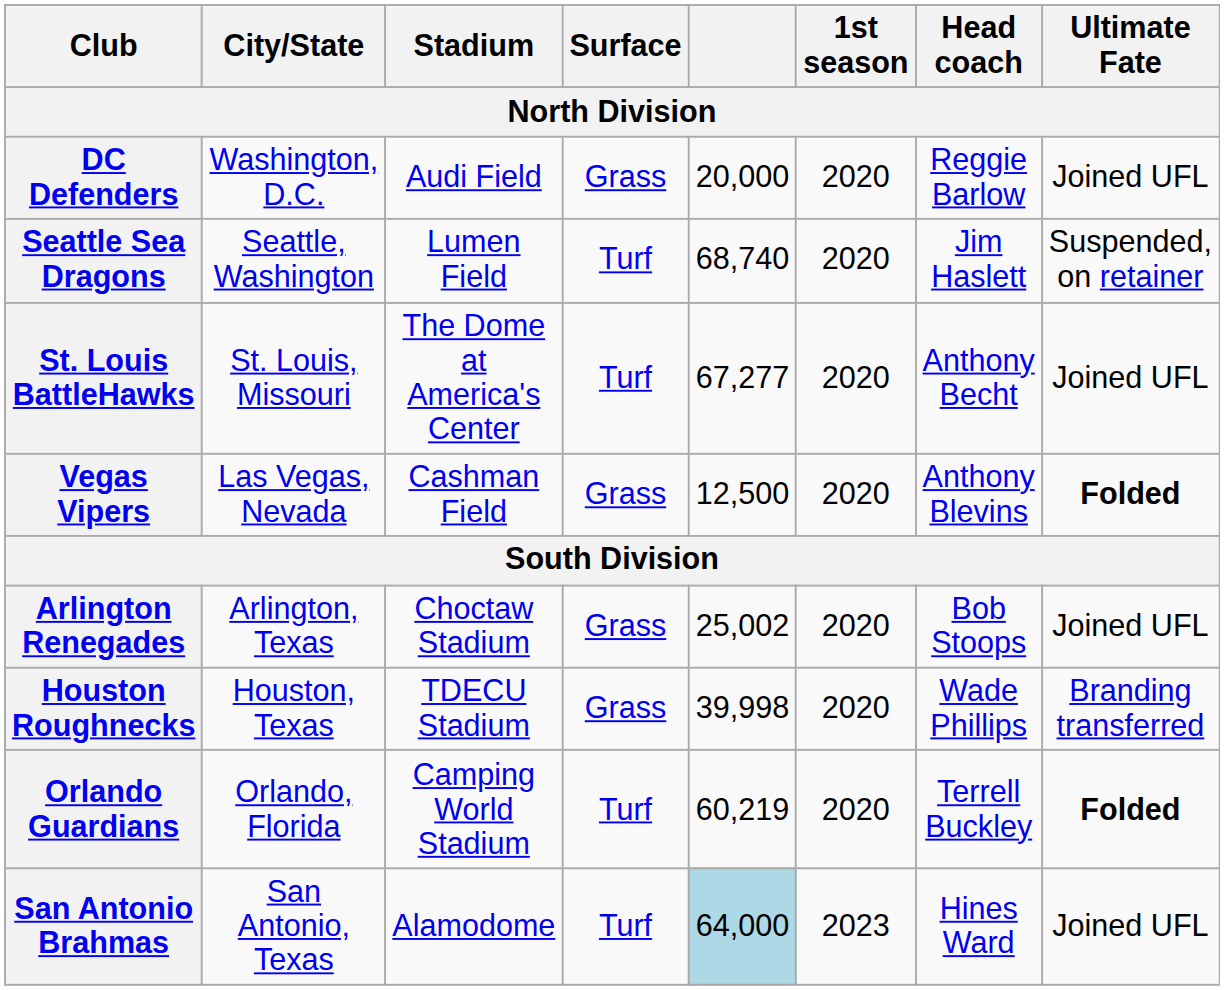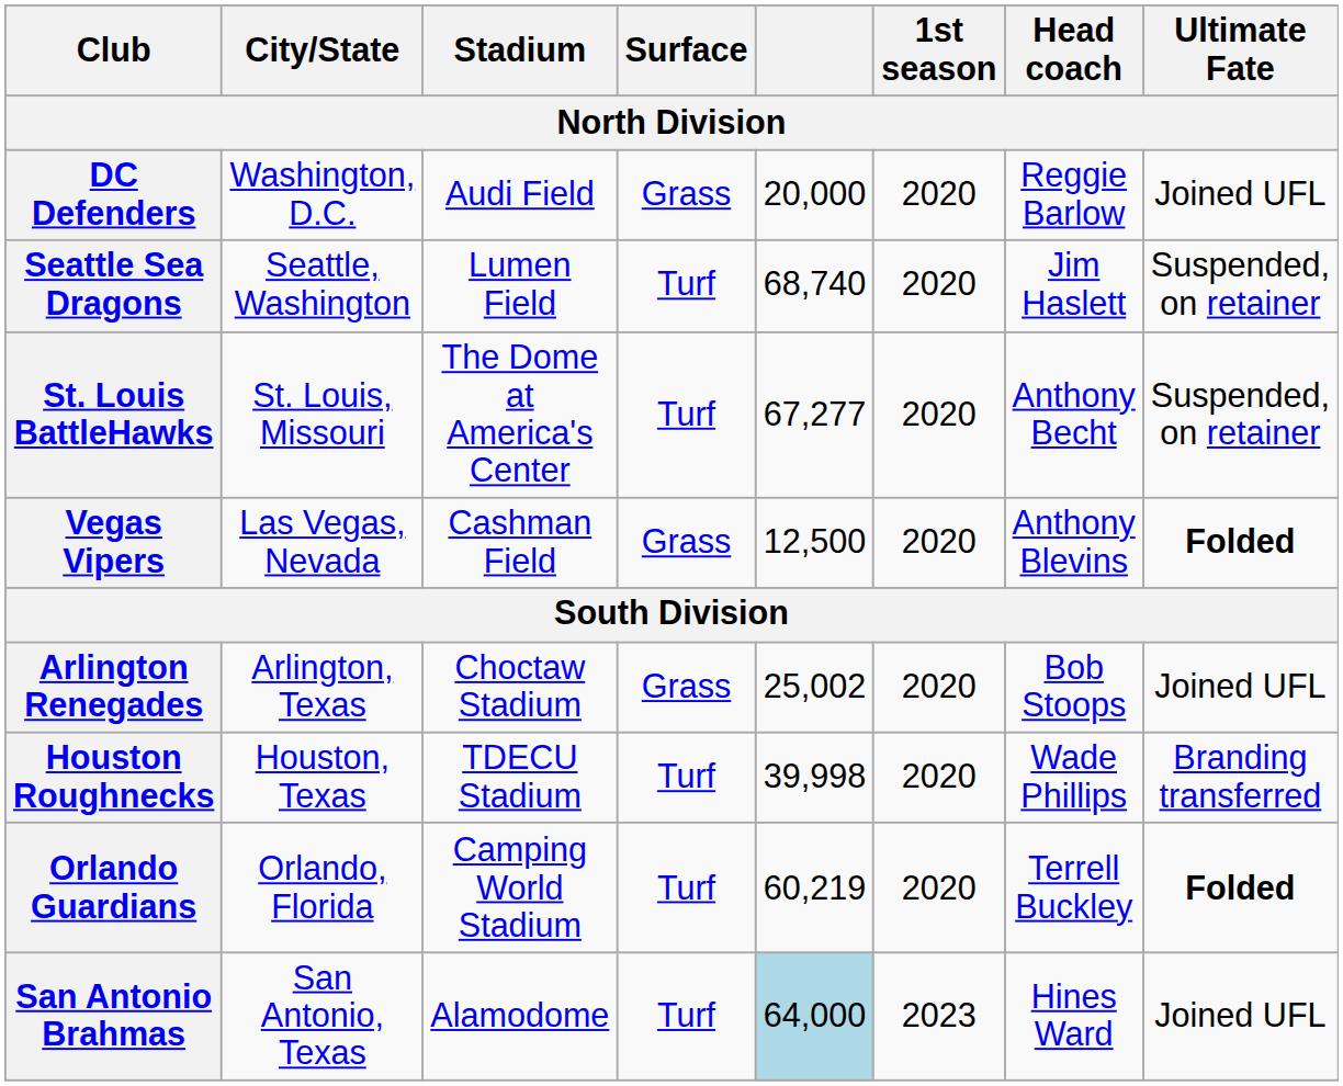 <table class="wikitable sortable" style="text-align:center; width:99%">
 <tr>
 <th scope="col">Club</th>
 <th scope="col">City/State</th>
 <th scope="col">Stadium</th>
 <th scope="col">Surface</th>
 <th scope="col"></th>
 <th scope="col">1st season</th>
 <th scope="col">Head coach</th>
 <th scope="col">Ultimate Fate</th>
 </tr>
 <tr>
 <th colspan="8" style="text-align:center;">North Division</th>
 </tr>
 <tr>
 <th scope="row"><strong><a href='#'>DC Defenders</a></strong></th>
 <td><a href='#'>Washington, D.C.</a></td>
 <td><a href='#'>Audi Field</a></td>
 <td><a href='#'>Grass</a></td>
 <td>20,000</td>
 <td>2020</td>
 <td><a href='#'>Reggie Barlow</a></td>
 <td>Joined UFL</td>
 </tr>
 <tr>
 <th scope="row"><strong><a href='#'>Seattle Sea Dragons</a></strong></th>
 <td><a href='#'>Seattle, Washington</a></td>
 <td><a href='#'>Lumen Field</a></td>
 <td><a href='#'>Turf</a></td>
 <td>68,740</td>
 <td>2020</td>
 <td><a href='#'>Jim Haslett</a></td>
 <td style="text-align:center;">Suspended, on <a href='#'>retainer</a></td>
 </tr>
 <tr>
 <th scope="row"><strong><a href='#'>St. Louis BattleHawks</a></strong></th>
 <td><a href='#'>St. Louis, Missouri</a></td>
 <td><a href='#'>The Dome at America's Center</a></td>
 <td><a href='#'>Turf</a></td>
 <td>67,277</td>
 <td>2020</td>
 <td><a href='#'>Anthony Becht</a></td>
-<td>Joined UFL</td>
+<td style="text-align:center;">Suspended, on <a href='#'>retainer</a></td>
 </tr>
 <tr>
 <th scope="row"><strong><a href='#'>Vegas Vipers</a></strong></th>
 <td><a href='#'>Las Vegas, Nevada</a></td>
 <td><a href='#'>Cashman Field</a></td>
 <td><a href='#'>Grass</a></td>
 <td>12,500</td>
 <td>2020</td>
 <td><a href='#'>Anthony Blevins</a></td>
 <td style="text-align:center;"><strong>Folded</strong></td>
 </tr>
 <tr>
 <th colspan="8" style="text-align:center;">South Division</th>
 </tr>
 <tr>
 <th scope="row"><strong><a href='#'>Arlington Renegades</a></strong></th>
 <td><a href='#'>Arlington, Texas</a></td>
 <td><a href='#'>Choctaw Stadium</a></td>
 <td><a href='#'>Grass</a></td>
 <td>25,002</td>
 <td>2020</td>
 <td><a href='#'>Bob Stoops</a></td>
 <td>Joined UFL</td>
 </tr>
 <tr>
 <th scope="row"><strong><a href='#'>Houston Roughnecks</a></strong></th>
 <td><a href='#'>Houston, Texas</a></td>
 <td><a href='#'>TDECU Stadium</a></td>
-<td><a href='#'>Grass</a></td>
+<td><a href='#'>Turf</a></td>
 <td>39,998</td>
 <td>2020</td>
 <td><a href='#'>Wade Phillips</a></td>
 <td style="text-align:center;"><a href='#'>Branding transferred</a></td>
 </tr>
 <tr>
 <th scope="row"><strong><a href='#'>Orlando Guardians</a></strong></th>
 <td><a href='#'>Orlando, Florida</a></td>
 <td><a href='#'>Camping World Stadium</a></td>
 <td><a href='#'>Turf</a></td>
 <td>60,219</td>
 <td>2020</td>
 <td><a href='#'>Terrell Buckley</a></td>
 <td style="text-align:center;"><strong>Folded</strong></td>
 </tr>
 <tr>
 <th scope="row"><strong><a href='#'>San Antonio Brahmas</a></strong></th>
 <td><a href='#'>San Antonio, Texas</a></td>
 <td><a href='#'>Alamodome</a></td>
 <td><a href='#'>Turf</a></td>
 <td style="background: lightblue;">64,000</td>
 <td>2023</td>
 <td><a href='#'>Hines Ward</a></td>
 <td>Joined UFL</td>
 </tr>
 </table>
